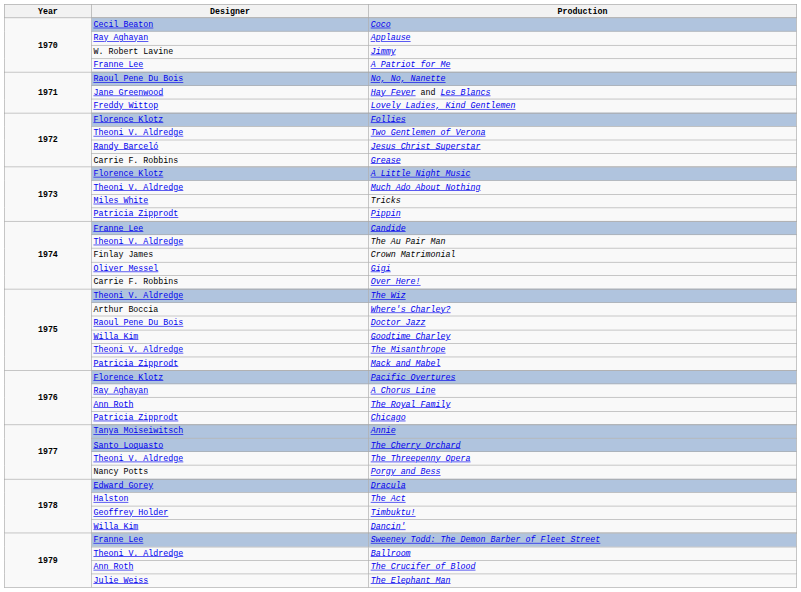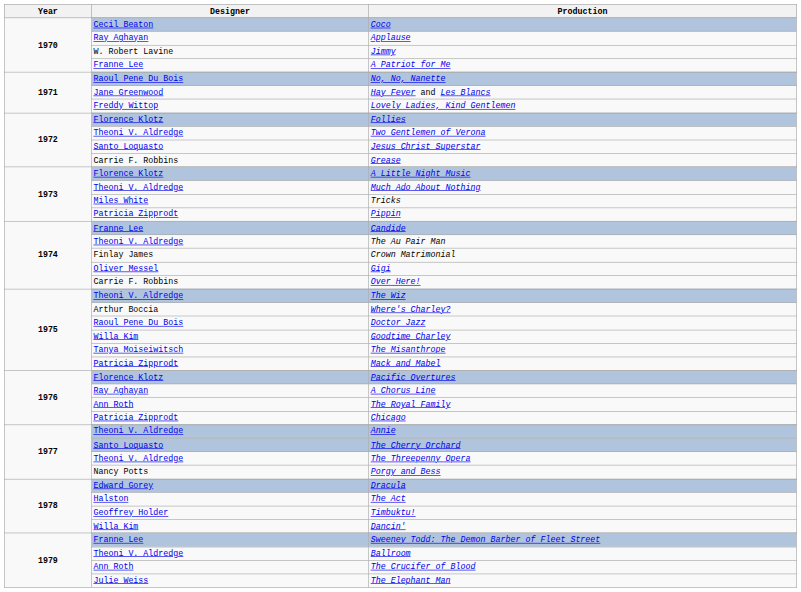 <table class="wikitable" style="width:98%;">
 <tr style="background:#bebebe;">
 <th style="width:11%;">Year</th>
 <th style="width:35%;”">Designer</th>
 <th style="width:54%;”">Production</th>
 </tr>
 <tr>
 <td rowspan="5" align="center"><strong>1970</strong><br></td>
 </tr>
 <tr style="background:#B0C4DE">
 <td><a href='#'>Cecil Beaton</a></td>
 <td><em><a href='#'>Coco</a></em></td>
 </tr>
 <tr>
 <td><a href='#'>Ray Aghayan</a></td>
 <td><em><a href='#'>Applause</a></em></td>
 </tr>
 <tr>
 <td>W. Robert Lavine</td>
 <td><em><a href='#'>Jimmy</a></em></td>
 </tr>
 <tr>
 <td><a href='#'>Franne Lee</a></td>
 <td><em><a href='#'>A Patriot for Me</a></em></td>
 </tr>
 <tr>
 <td rowspan="4" align="center"><strong>1971</strong><br></td>
 </tr>
 <tr style="background:#B0C4DE">
 <td><a href='#'>Raoul Pene Du Bois</a></td>
 <td><em><a href='#'>No, No, Nanette</a></em></td>
 </tr>
 <tr>
 <td><a href='#'>Jane Greenwood</a></td>
 <td><em><a href='#'>Hay Fever</a></em> and <em><a href='#'>Les Blancs</a></em></td>
 </tr>
 <tr>
 <td><a href='#'>Freddy Wittop</a></td>
 <td><em><a href='#'>Lovely Ladies, Kind Gentlemen</a></em></td>
 </tr>
 <tr>
 <td rowspan="5" align="center"><strong>1972</strong><br></td>
 </tr>
 <tr style="background:#B0C4DE">
 <td><a href='#'>Florence Klotz</a></td>
 <td><em><a href='#'>Follies</a></em></td>
 </tr>
 <tr>
 <td><a href='#'>Theoni V. Aldredge</a></td>
 <td><em><a href='#'>Two Gentlemen of Verona</a></em></td>
 </tr>
 <tr>
-<td><a href='#'>Randy Barceló</a></td>
+<td><a href='#'>Santo Loquasto</a></td>
 <td><em><a href='#'>Jesus Christ Superstar</a></em></td>
 </tr>
 <tr>
 <td>Carrie F. Robbins</td>
 <td><em><a href='#'>Grease</a></em></td>
 </tr>
 <tr>
 <td rowspan="5" align="center"><strong>1973</strong><br></td>
 </tr>
 <tr style="background:#B0C4DE">
 <td><a href='#'>Florence Klotz</a></td>
 <td><em><a href='#'>A Little Night Music</a></em></td>
 </tr>
 <tr>
 <td><a href='#'>Theoni V. Aldredge</a></td>
 <td><em><a href='#'>Much Ado About Nothing</a></em></td>
 </tr>
 <tr>
 <td><a href='#'>Miles White</a></td>
 <td><em>Tricks</em></td>
 </tr>
 <tr>
 <td><a href='#'>Patricia Zipprodt</a></td>
 <td><em><a href='#'>Pippin</a></em></td>
 </tr>
 <tr>
 <td rowspan="6" align="center"><strong>1974</strong><br></td>
 </tr>
 <tr style="background:#B0C4DE">
 <td><a href='#'>Franne Lee</a></td>
 <td><em><a href='#'>Candide</a></em></td>
 </tr>
 <tr>
 <td><a href='#'>Theoni V. Aldredge</a></td>
 <td><em>The Au Pair Man</em></td>
 </tr>
 <tr>
 <td>Finlay James</td>
 <td><em>Crown Matrimonial</em></td>
 </tr>
 <tr>
 <td><a href='#'>Oliver Messel</a></td>
 <td><em><a href='#'>Gigi</a></em></td>
 </tr>
 <tr>
 <td>Carrie F. Robbins</td>
 <td><em><a href='#'>Over Here!</a></em></td>
 </tr>
 <tr>
 <td rowspan="7" align="center"><strong>1975</strong><br></td>
 </tr>
 <tr style="background:#B0C4DE">
 <td><a href='#'>Theoni V. Aldredge</a></td>
 <td><em><a href='#'>The Wiz</a></em></td>
 </tr>
 <tr>
 <td>Arthur Boccia</td>
 <td><em><a href='#'>Where's Charley?</a></em></td>
 </tr>
 <tr>
 <td><a href='#'>Raoul Pene Du Bois</a></td>
 <td><em><a href='#'>Doctor Jazz</a></em></td>
 </tr>
 <tr>
 <td><a href='#'>Willa Kim</a></td>
 <td><em><a href='#'>Goodtime Charley</a></em></td>
 </tr>
 <tr>
-<td><a href='#'>Theoni V. Aldredge</a></td>
+<td><a href='#'>Tanya Moiseiwitsch</a></td>
 <td><em><a href='#'>The Misanthrope</a></em></td>
 </tr>
 <tr>
 <td><a href='#'>Patricia Zipprodt</a></td>
 <td><em><a href='#'>Mack and Mabel</a></em></td>
 </tr>
 <tr>
 <td rowspan="5" align="center"><strong>1976</strong><br></td>
 </tr>
 <tr style="background:#B0C4DE">
 <td><a href='#'>Florence Klotz</a></td>
 <td><em><a href='#'>Pacific Overtures</a></em></td>
 </tr>
 <tr>
 <td><a href='#'>Ray Aghayan</a></td>
 <td><em><a href='#'>A Chorus Line</a></em></td>
 </tr>
 <tr>
 <td><a href='#'>Ann Roth</a></td>
 <td><em><a href='#'>The Royal Family</a></em></td>
 </tr>
 <tr>
 <td><a href='#'>Patricia Zipprodt</a></td>
 <td><em><a href='#'>Chicago</a></em></td>
 </tr>
 <tr>
 <td rowspan="5" align="center"><strong>1977</strong><br></td>
 </tr>
 <tr style="background:#B0C4DE">
-<td><a href='#'>Tanya Moiseiwitsch</a></td>
+<td><a href='#'>Theoni V. Aldredge</a></td>
 <td><em><a href='#'>Annie</a></em></td>
 </tr>
 <tr style="background:#B0C4DE">
 <td><a href='#'>Santo Loquasto</a></td>
 <td><em><a href='#'>The Cherry Orchard</a></em></td>
 </tr>
 <tr>
 <td><a href='#'>Theoni V. Aldredge</a></td>
 <td><em><a href='#'>The Threepenny Opera</a></em></td>
 </tr>
 <tr>
 <td>Nancy Potts</td>
 <td><em><a href='#'>Porgy and Bess</a></em></td>
 </tr>
 <tr>
 <td rowspan="5" align="center"><strong>1978</strong><br></td>
 </tr>
 <tr style="background:#B0C4DE">
 <td><a href='#'>Edward Gorey</a></td>
 <td><em><a href='#'>Dracula</a></em></td>
 </tr>
 <tr>
 <td><a href='#'>Halston</a></td>
 <td><em><a href='#'>The Act</a></em></td>
 </tr>
 <tr>
 <td><a href='#'>Geoffrey Holder</a></td>
 <td><em><a href='#'>Timbuktu!</a></em></td>
 </tr>
 <tr>
 <td><a href='#'>Willa Kim</a></td>
 <td><em><a href='#'>Dancin'</a></em></td>
 </tr>
 <tr>
 <td rowspan="5" align="center"><strong>1979</strong><br></td>
 </tr>
 <tr style="background:#B0C4DE">
 <td><a href='#'>Franne Lee</a></td>
 <td><em><a href='#'>Sweeney Todd: The Demon Barber of Fleet Street</a></em></td>
 </tr>
 <tr>
 <td><a href='#'>Theoni V. Aldredge</a></td>
 <td><em><a href='#'>Ballroom</a></em></td>
 </tr>
 <tr>
 <td><a href='#'>Ann Roth</a></td>
 <td><em><a href='#'>The Crucifer of Blood</a></em></td>
 </tr>
 <tr>
 <td><a href='#'>Julie Weiss</a></td>
 <td><em><a href='#'>The Elephant Man</a></em></td>
 </tr>
 </table>
